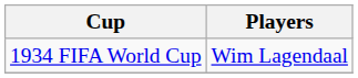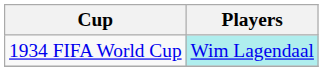 <table class="wikitable" style="text-align: left">
 <tr style="text-align: center">
 <th>Cup</th>
 <th>Players</th>
 </tr>
 <tr>
 <td align="left"> <a href='#'>1934 FIFA World Cup</a></td>
-<td> <a href='#'>Wim Lagendaal</a></td>
+<td style="background: paleturquoise;"> <a href='#'>Wim Lagendaal</a></td>
 </tr>
 <tr>
 </tr>
 </table>
